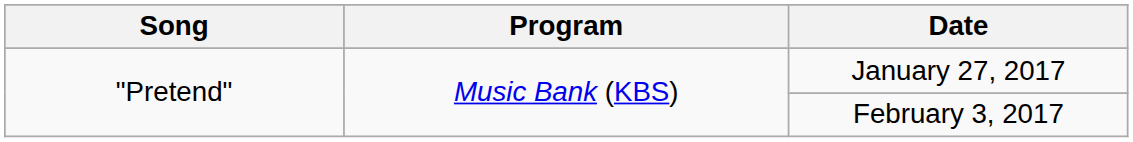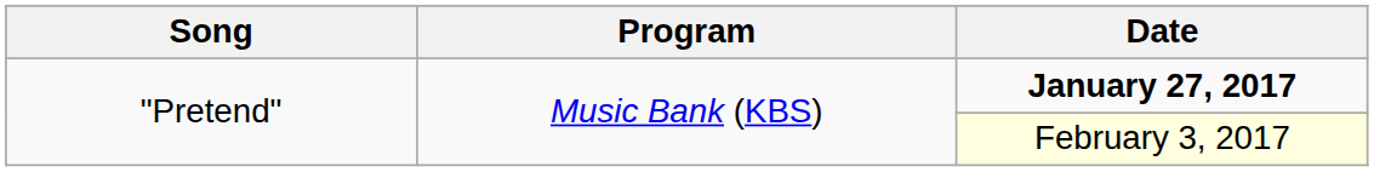 <table class="wikitable" style="text-align:center; width:650px;">
 <tr>
 <th style="width:150px;">Song</th>
 <th style="width:200px;">Program</th>
 <th style="width:150px;">Date</th>
 </tr>
 <tr>
 <td rowspan="2">"Pretend"</td>
 <td rowspan="2"><em><a href='#'>Music Bank</a></em> (<a href='#'>KBS</a>)</td>
-<td>January 27, 2017</td>
+<td><strong>January 27, 2017</strong></td>
 </tr>
 <tr>
-<td>February 3, 2017</td>
+<td style="background: lightyellow;">February 3, 2017</td>
 </tr>
 </table>
